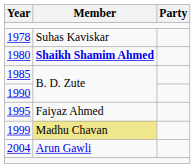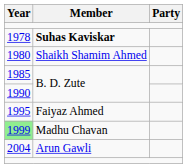 <table class="wikitable">
 <tr>
 <th>Year</th>
 <th>Member</th>
 <th colspan="2">Party</th>
 </tr>
 <tr>
 <td colspan="4"></td>
 </tr>
 <tr>
 <td><a href='#'>1978</a></td>
-<td>Suhas Kaviskar</td>
+<td><strong>Suhas Kaviskar</strong></td>
 <td></td>
 </tr>
 <tr>
 <td><a href='#'>1980</a></td>
-<td><strong><a href='#'>Shaikh Shamim Ahmed</a></strong></td>
+<td><a href='#'>Shaikh Shamim Ahmed</a></td>
 <td></td>
 </tr>
 <tr>
 <td><a href='#'>1985</a></td>
 <td rowspan="2">B. D. Zute</td>
 <td></td>
 </tr>
 <tr>
 <td><a href='#'>1990</a></td>
 </tr>
 <tr>
 <td><a href='#'>1995</a></td>
 <td>Faiyaz Ahmed</td>
 <td></td>
 </tr>
 <tr>
-<td><a href='#'>1999</a></td>
-<td style="background: khaki;">Madhu Chavan</td>
+<td style="background: lightgreen;"><a href='#'>1999</a></td>
+<td>Madhu Chavan</td>
 <td></td>
 </tr>
 <tr>
 <td><a href='#'>2004</a></td>
 <td><a href='#'>Arun Gawli</a></td>
 <td></td>
 </tr>
 <tr>
 <td colspan="4"></td>
 </tr>
 </table>
